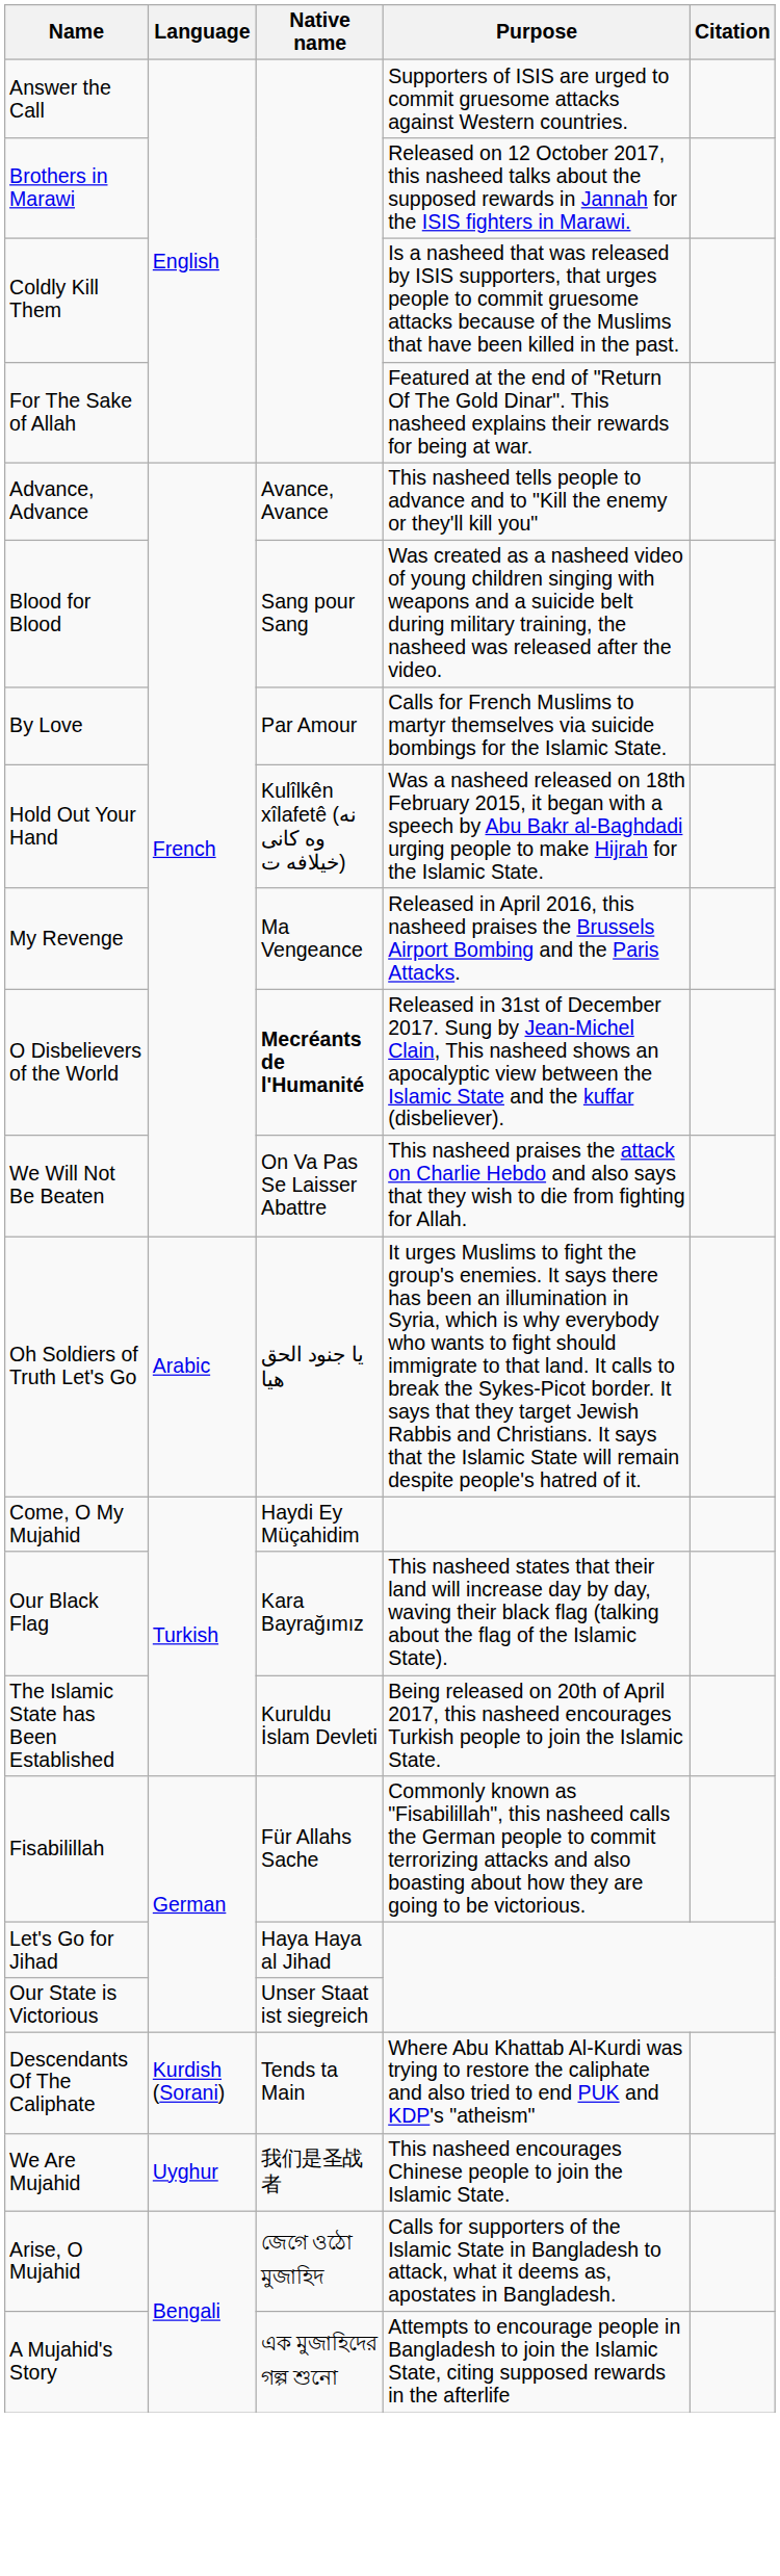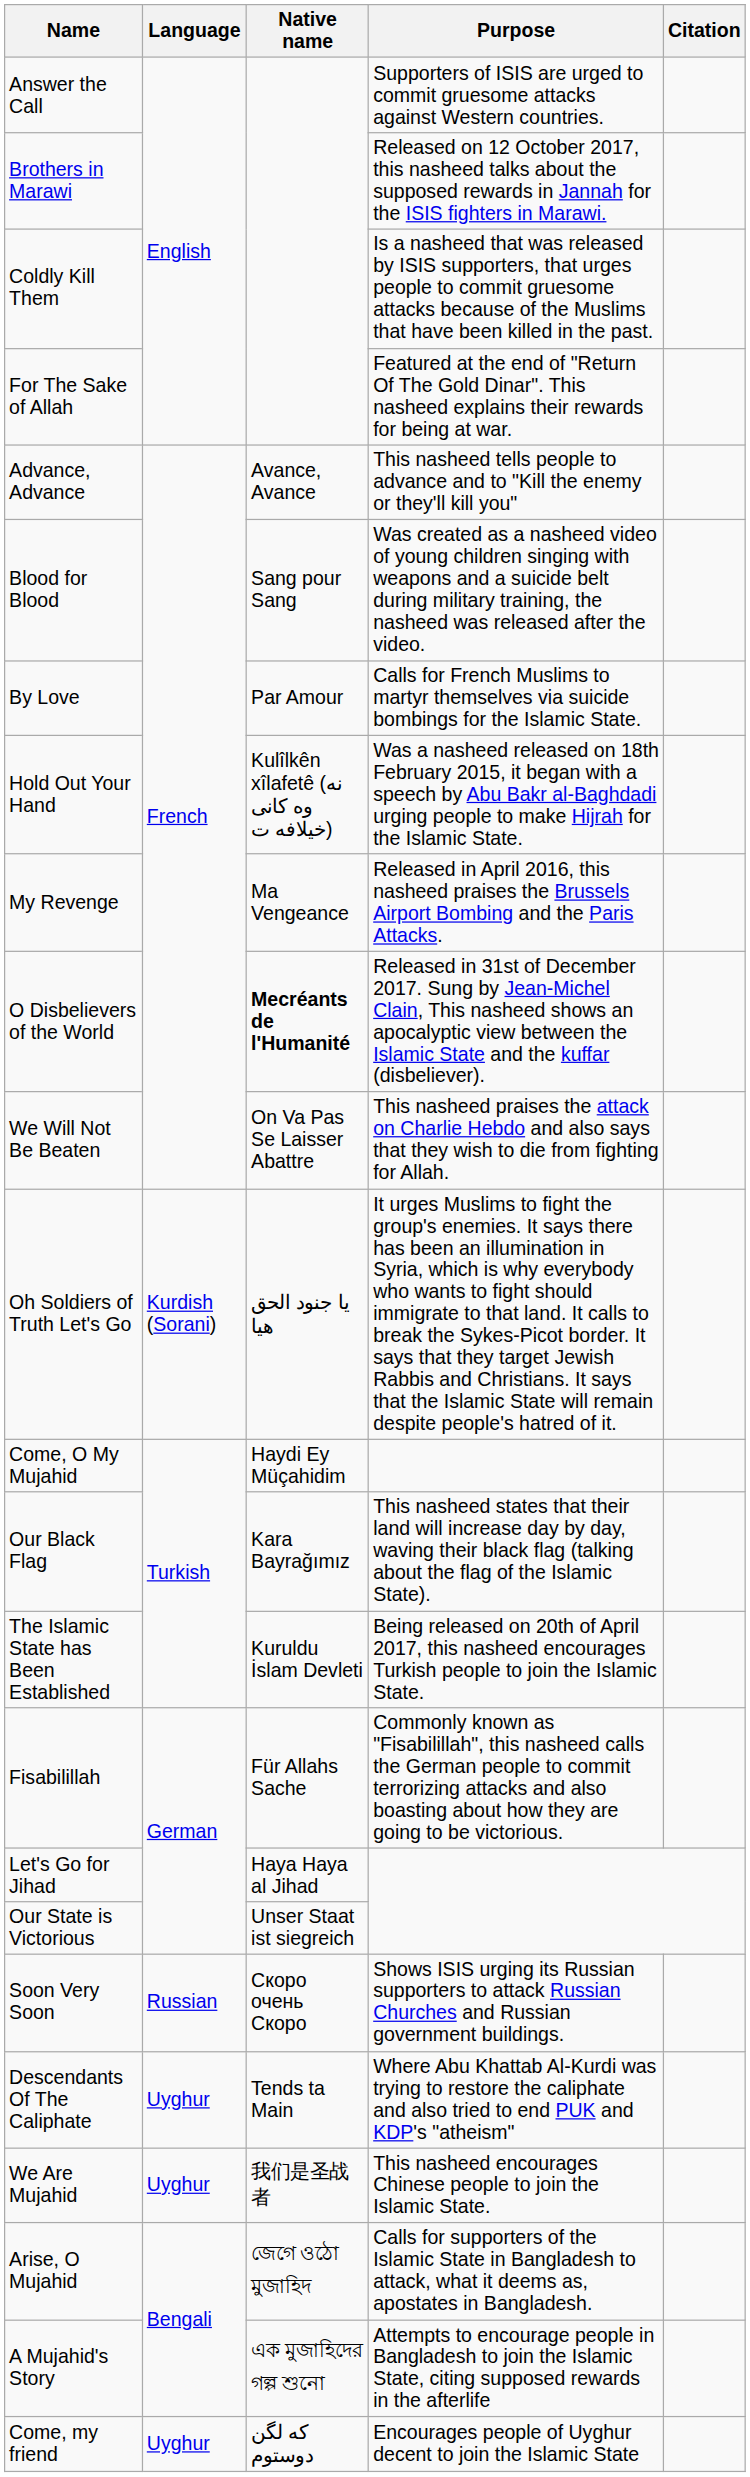 <table class="wikitable">
 <tr>
 <th>Name</th>
 <th>Language</th>
 <th>Native name</th>
 <th>Purpose</th>
 <th>Citation</th>
 </tr>
 <tr>
 <td>Answer the Call</td>
 <td rowspan="4"><a href='#'>English</a></td>
 <td rowspan="4"></td>
 <td>Supporters of ISIS are urged to commit gruesome attacks against Western countries.</td>
 <td></td>
 </tr>
 <tr>
 <td><a href='#'>Brothers in Marawi</a></td>
 <td>Released on 12 October 2017, this nasheed talks about the supposed rewards in <a href='#'>Jannah</a> for the <a href='#'>ISIS fighters in Marawi.</a></td>
 <td></td>
 </tr>
 <tr>
 <td>Coldly Kill Them</td>
 <td>Is a nasheed that was released by ISIS supporters, that urges people to commit gruesome attacks because of the Muslims that have been killed in the past.</td>
 <td></td>
 </tr>
 <tr>
 <td>For The Sake of Allah</td>
 <td>Featured at the end of "Return Of The Gold Dinar". This nasheed explains their rewards for being at war.</td>
 <td></td>
 </tr>
 <tr>
 <td>Advance, Advance</td>
 <td rowspan="7"><a href='#'>French</a></td>
 <td>Avance, Avance</td>
 <td>This nasheed tells people to advance and to "Kill the enemy or they'll kill you"</td>
 <td></td>
 </tr>
 <tr>
 <td>Blood for Blood</td>
 <td>Sang pour Sang</td>
 <td>Was created as a nasheed video of young children singing with weapons and a suicide belt during military training, the nasheed was released after the video.</td>
 <td></td>
 </tr>
 <tr>
 <td>By Love</td>
 <td>Par Amour</td>
 <td>Calls for French Muslims to martyr themselves via suicide bombings for the Islamic State.</td>
 <td></td>
 </tr>
 <tr>
 <td>Hold Out Your Hand</td>
 <td>Kulîlkên xîlafetê (نه وه کانی خیلافه ت)</td>
 <td>Was a nasheed released on 18th February 2015, it began with a speech by <a href='#'>Abu Bakr al-Baghdadi</a> urging people to make <a href='#'>Hijrah</a> for the Islamic State.</td>
 <td></td>
 </tr>
 <tr>
 <td>My Revenge</td>
 <td>Ma Vengeance</td>
 <td>Released in April 2016, this nasheed praises the <a href='#'>Brussels Airport Bombing</a> and the <a href='#'>Paris Attacks</a>.</td>
 <td></td>
 </tr>
 <tr>
 <td>O Disbelievers of the World</td>
 <td><strong>Mecréants de l'Humanité</strong></td>
 <td>Released in 31st of December 2017. Sung by <a href='#'>Jean-Michel Clain</a>, This nasheed shows an apocalyptic view between the <a href='#'>Islamic State</a> and the <a href='#'>kuffar</a> (disbeliever).</td>
 <td></td>
 </tr>
 <tr>
 <td>We Will Not Be Beaten</td>
 <td>On Va Pas Se Laisser Abattre</td>
 <td>This nasheed praises the <a href='#'>attack on Charlie Hebdo</a> and also says that they wish to die from fighting for Allah.</td>
 <td></td>
 </tr>
 <tr>
 <td>Oh Soldiers of Truth Let's Go</td>
-<td><a href='#'>Arabic</a></td>
+<td><a href='#'>Kurdish</a> (<a href='#'>Sorani</a>)</td>
 <td>يا جنود الحق هيا</td>
 <td>It urges Muslims to fight the group's enemies. It says there has been an illumination in Syria, which is why everybody who wants to fight should immigrate to that land. It calls to break the Sykes-Picot border. It says that they target Jewish Rabbis and Christians. It says that the Islamic State will remain despite people's hatred of it.</td>
 <td></td>
 </tr>
 <tr>
 <td>Come, O My Mujahid</td>
 <td rowspan="3"><a href='#'>Turkish</a></td>
 <td>Haydi Ey Müçahidim</td>
 <td></td>
 <td></td>
 </tr>
 <tr>
 <td>Our Black Flag</td>
 <td>Kara Bayrağımız</td>
 <td>This nasheed states that their land will increase day by day, waving their black flag (talking about the flag of the Islamic State).</td>
 <td></td>
 </tr>
 <tr>
 <td>The Islamic State has Been Established</td>
 <td>Kuruldu İslam Devleti</td>
 <td>Being released on 20th of April 2017, this nasheed encourages Turkish people to join the Islamic State.</td>
 <td></td>
 </tr>
 <tr>
 <td>Fisabilillah</td>
 <td rowspan="3"><a href='#'>German</a></td>
 <td>Für Allahs Sache</td>
 <td>Commonly known as "Fisabilillah", this nasheed calls the German people to commit terrorizing attacks and also boasting about how they are going to be victorious.</td>
 <td></td>
 </tr>
 <tr>
 <td>Let's Go for Jihad</td>
 <td>Haya Haya al Jihad</td>
 </tr>
 <tr>
 <td>Our State is Victorious</td>
 <td>Unser Staat ist siegreich</td>
 </tr>
 <tr>
+<td>Soon Very Soon</td>
+<td><a href='#'>Russian</a></td>
+<td>Скоро очень Скоро</td>
+<td>Shows ISIS urging its Russian supporters to attack <a href='#'>Russian Churches</a> and Russian government buildings.</td>
+<td></td>
+</tr>
+<tr>
 <td>Descendants Of The Caliphate</td>
-<td><a href='#'>Kurdish</a> (<a href='#'>Sorani</a>)</td>
+<td><a href='#'>Uyghur</a></td>
 <td>Tends ta Main</td>
 <td>Where Abu Khattab Al-Kurdi was trying to restore the caliphate and also tried to end <a href='#'>PUK</a> and <a href='#'>KDP</a>'s "atheism"</td>
 <td></td>
 </tr>
 <tr>
 <td>We Are Mujahid</td>
 <td><a href='#'>Uyghur</a></td>
 <td>我们是圣战者</td>
 <td>This nasheed encourages Chinese people to join the Islamic State.</td>
 <td></td>
 </tr>
 <tr>
 <td>Arise, O Mujahid</td>
 <td rowspan="2"><a href='#'>Bengali</a></td>
 <td>জেগে ওঠো মুজাহিদ</td>
 <td>Calls for supporters of the Islamic State in Bangladesh to attack, what it deems as, apostates in Bangladesh.</td>
 <td></td>
 </tr>
 <tr>
 <td>A Mujahid's Story</td>
 <td>﻿এক মুজাহিদের গল্প শুনো</td>
 <td>Attempts to encourage people in Bangladesh to join the Islamic State, citing supposed rewards in the afterlife</td>
 <td></td>
 </tr>
+<tr>
+<td>Come, my friend</td>
+<td><a href='#'>Uyghur</a></td>
+<td>که لگن دوستوم</td>
+<td>Encourages people of Uyghur decent to join the Islamic State</td>
+<td></td>
+</tr>
 </table>
